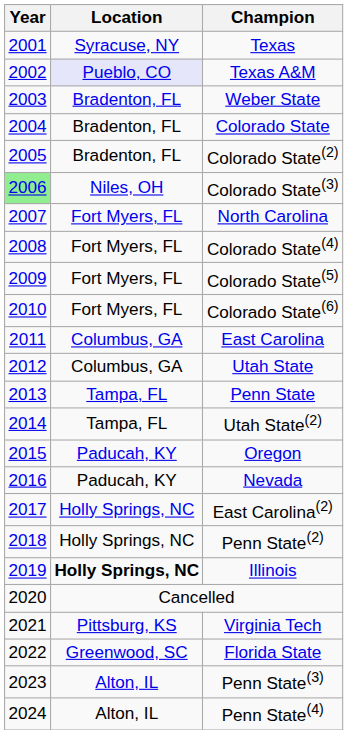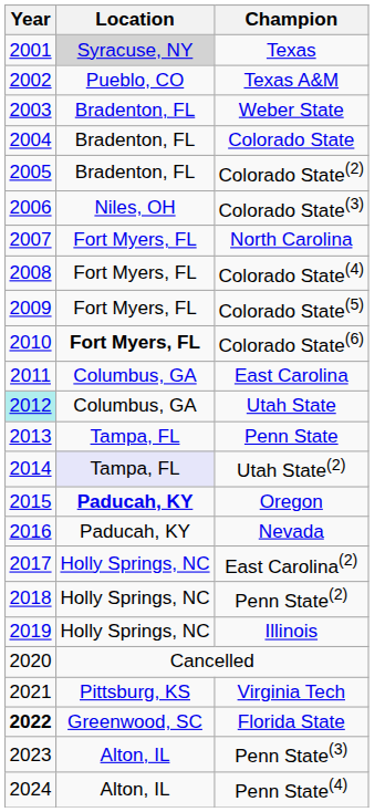 <table class="wikitable" style="text-align:center;">
 <tr>
 <th>Year</th>
 <th>Location</th>
 <th>Champion</th>
 </tr>
 <tr>
 <td><a href='#'>2001</a></td>
-<td><a href='#'>Syracuse, NY</a></td>
+<td style="background: lightgrey;"><a href='#'>Syracuse, NY</a></td>
 <td><a href='#'>Texas</a></td>
 </tr>
 <tr>
 <td><a href='#'>2002</a></td>
-<td style="background: lavender;"><a href='#'>Pueblo, CO</a></td>
+<td><a href='#'>Pueblo, CO</a></td>
 <td><a href='#'>Texas A&M</a></td>
 </tr>
 <tr>
 <td><a href='#'>2003</a></td>
 <td><a href='#'>Bradenton, FL</a></td>
 <td><a href='#'>Weber State</a></td>
 </tr>
 <tr>
 <td><a href='#'>2004</a></td>
 <td>Bradenton, FL</td>
 <td><a href='#'>Colorado State</a></td>
 </tr>
 <tr>
 <td><a href='#'>2005</a></td>
 <td>Bradenton, FL</td>
 <td>Colorado State<sup>(2)</sup></td>
 </tr>
 <tr>
-<td style="background: lightgreen;"><a href='#'>2006</a></td>
+<td><a href='#'>2006</a></td>
 <td><a href='#'>Niles, OH</a></td>
 <td>Colorado State<sup>(3)</sup></td>
 </tr>
 <tr>
 <td><a href='#'>2007</a></td>
 <td><a href='#'>Fort Myers, FL</a></td>
 <td><a href='#'>North Carolina</a></td>
 </tr>
 <tr>
 <td><a href='#'>2008</a></td>
 <td>Fort Myers, FL</td>
 <td>Colorado State<sup>(4)</sup></td>
 </tr>
 <tr>
 <td><a href='#'>2009</a></td>
 <td>Fort Myers, FL</td>
 <td>Colorado State<sup>(5)</sup></td>
 </tr>
 <tr>
 <td><a href='#'>2010</a></td>
-<td>Fort Myers, FL</td>
+<td><strong>Fort Myers, FL</strong></td>
 <td>Colorado State<sup>(6)</sup></td>
 </tr>
 <tr>
 <td><a href='#'>2011</a></td>
 <td><a href='#'>Columbus, GA</a></td>
 <td><a href='#'>East Carolina</a></td>
 </tr>
 <tr>
-<td><a href='#'>2012</a></td>
+<td style="background: paleturquoise;"><a href='#'>2012</a></td>
 <td>Columbus, GA</td>
 <td><a href='#'>Utah State</a></td>
 </tr>
 <tr>
 <td><a href='#'>2013</a></td>
 <td><a href='#'>Tampa, FL</a></td>
 <td><a href='#'>Penn State</a></td>
 </tr>
 <tr>
 <td><a href='#'>2014</a></td>
-<td>Tampa, FL</td>
+<td style="background: lavender;">Tampa, FL</td>
 <td>Utah State<sup>(2)</sup></td>
 </tr>
 <tr>
 <td><a href='#'>2015</a></td>
-<td><a href='#'>Paducah, KY</a></td>
+<td><strong><a href='#'>Paducah, KY</a></strong></td>
 <td><a href='#'>Oregon</a></td>
 </tr>
 <tr>
 <td><a href='#'>2016</a></td>
 <td>Paducah, KY</td>
 <td><a href='#'>Nevada</a></td>
 </tr>
 <tr>
 <td><a href='#'>2017</a></td>
 <td><a href='#'>Holly Springs, NC</a></td>
 <td>East Carolina<sup>(2)</sup></td>
 </tr>
 <tr>
 <td><a href='#'>2018</a></td>
 <td>Holly Springs, NC</td>
 <td>Penn State<sup>(2)</sup></td>
 </tr>
 <tr>
 <td><a href='#'>2019</a></td>
-<td><strong>Holly Springs, NC</strong></td>
+<td>Holly Springs, NC</td>
 <td><a href='#'>Illinois</a></td>
 </tr>
 <tr>
 <td>2020</td>
 <td colspan=2>Cancelled</td>
 </tr>
 <tr>
 <td>2021</td>
 <td><a href='#'>Pittsburg, KS</a></td>
 <td><a href='#'>Virginia Tech</a></td>
 </tr>
 <tr>
-<td>2022</td>
+<td><strong>2022</strong></td>
 <td><a href='#'>Greenwood, SC</a></td>
 <td><a href='#'>Florida State</a></td>
 </tr>
 <tr>
 <td>2023</td>
 <td><a href='#'>Alton, IL</a></td>
 <td>Penn State<sup>(3)</sup></td>
 </tr>
 <tr>
 <td>2024</td>
 <td>Alton, IL</td>
 <td>Penn State<sup>(4)</sup></td>
 </tr>
 </table>
